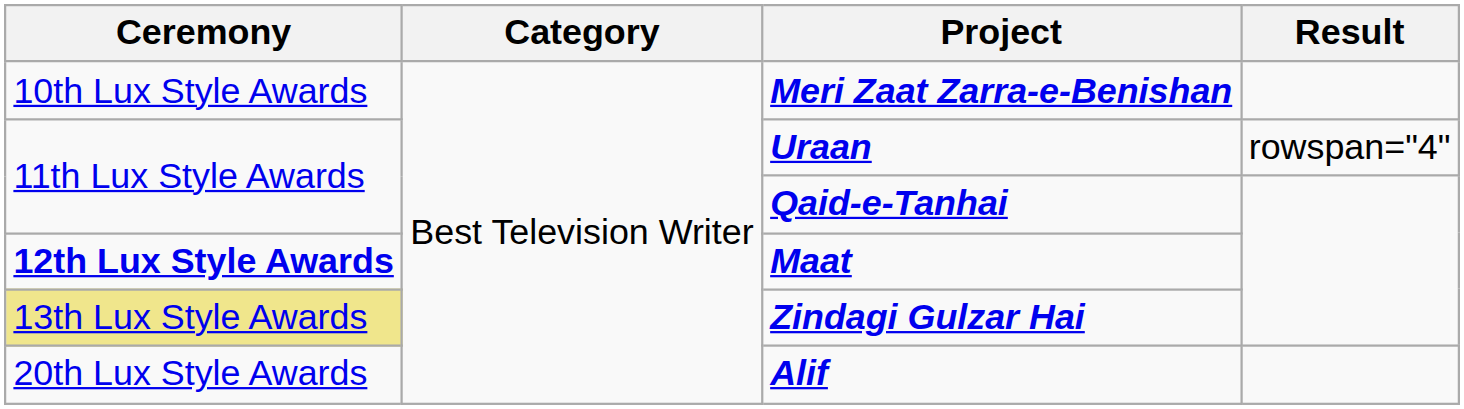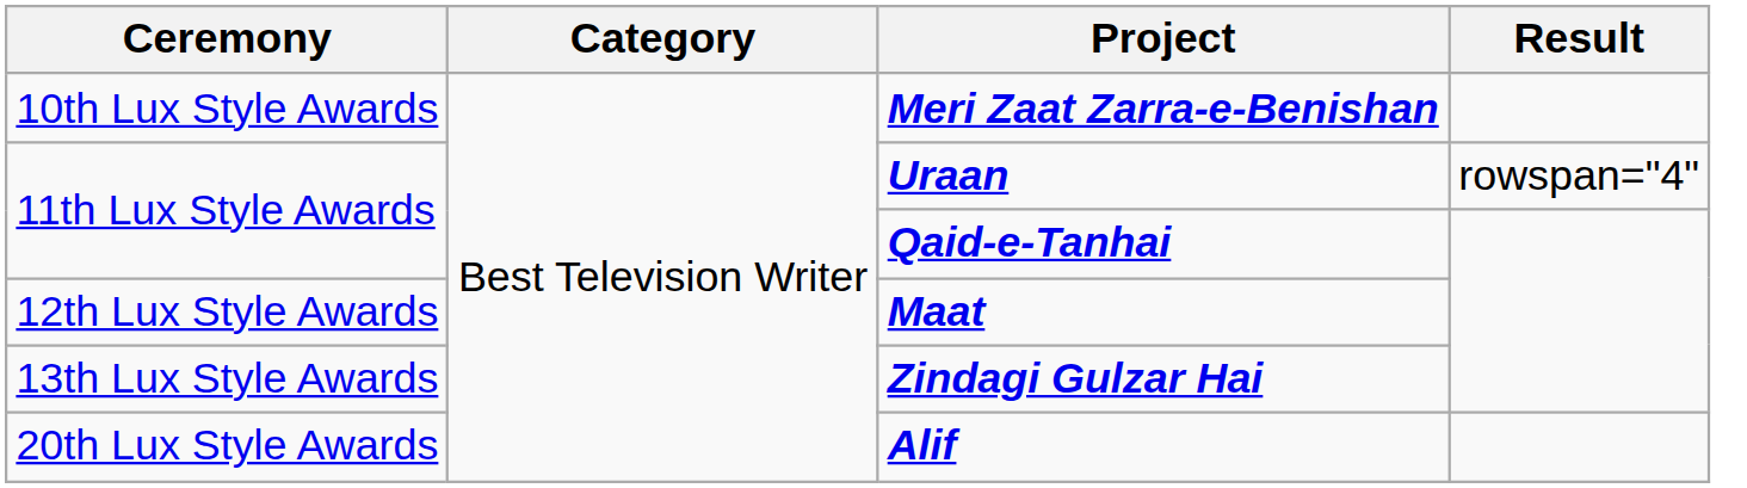 <table class="wikitable style">
 <tr>
 <th>Ceremony</th>
 <th>Category</th>
 <th>Project</th>
 <th>Result</th>
 </tr>
 <tr>
 <td><a href='#'>10th Lux Style Awards</a></td>
 <td rowspan="6">Best Television Writer</td>
 <td><strong><em><a href='#'>Meri Zaat Zarra-e-Benishan</a></em></strong></td>
 <td></td>
 </tr>
 <tr>
 <td rowspan="2"><a href='#'>11th Lux Style Awards</a></td>
 <td><strong><em><a href='#'>Uraan</a></em></strong></td>
 <td>rowspan="4" </td>
 </tr>
 <tr>
 <td><strong><em><a href='#'>Qaid-e-Tanhai</a></em></strong></td>
 </tr>
 <tr>
-<td><strong><a href='#'>12th Lux Style Awards</a></strong></td>
+<td><a href='#'>12th Lux Style Awards</a></td>
 <td><strong><em><a href='#'>Maat</a></em></strong></td>
 </tr>
 <tr>
-<td style="background: khaki;"><a href='#'>13th Lux Style Awards</a></td>
+<td><a href='#'>13th Lux Style Awards</a></td>
 <td><strong><em><a href='#'>Zindagi Gulzar Hai</a></em></strong></td>
 </tr>
 <tr>
 <td><a href='#'>20th Lux Style Awards</a></td>
 <td><strong><em><a href='#'>Alif</a></em></strong></td>
 <td></td>
 </tr>
 </table>
